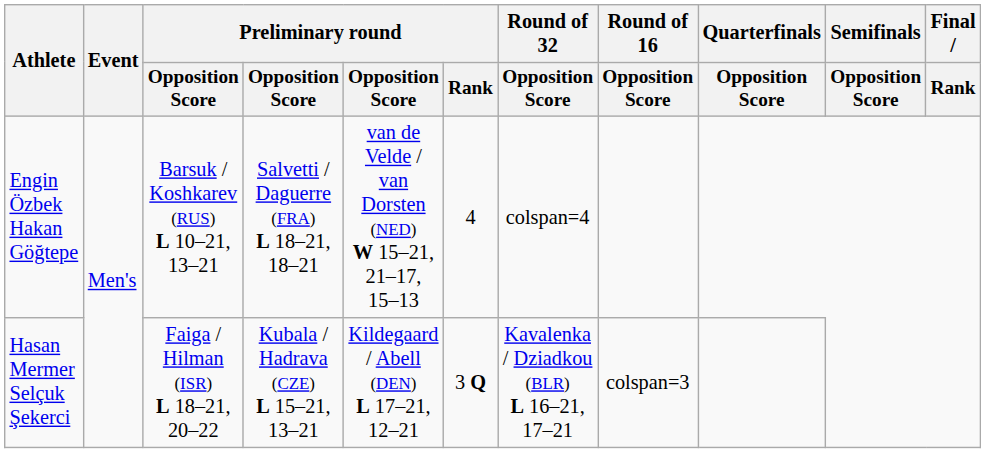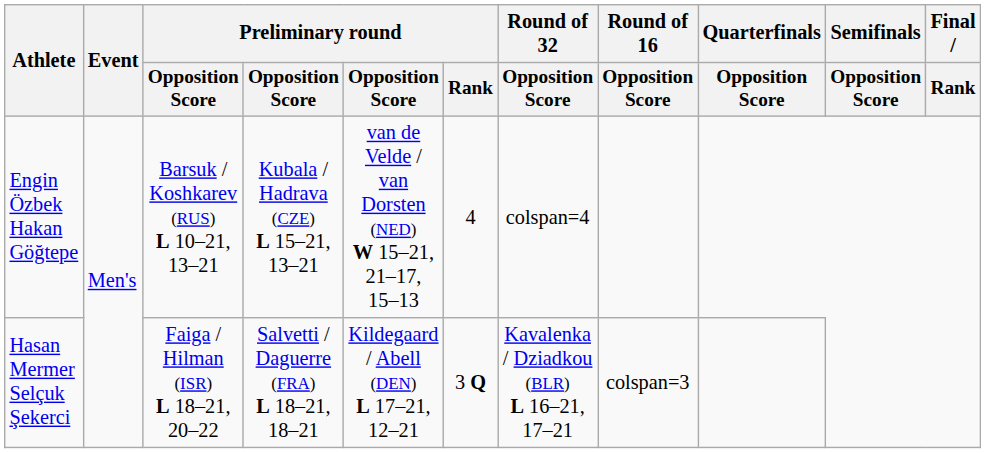 <table class=wikitable style="font-size:90%">
 <tr>
 <th rowspan="2">Athlete</th>
 <th rowspan="2">Event</th>
 <th colspan="4">Preliminary round</th>
 <th>Round of 32</th>
 <th>Round of 16</th>
 <th>Quarterfinals</th>
 <th>Semifinals</th>
 <th colspan=2>Final / </th>
 </tr>
 <tr style="font-size:95%">
 <th>Opposition<br>Score</th>
 <th>Opposition<br>Score</th>
 <th>Opposition<br>Score</th>
 <th>Rank</th>
 <th>Opposition<br>Score</th>
 <th>Opposition<br>Score</th>
 <th>Opposition<br>Score</th>
 <th>Opposition<br>Score</th>
 <th>Rank</th>
 </tr>
 <tr align=center>
 <td align=left><a href='#'>Engin Özbek</a><br><a href='#'>Hakan Göğtepe</a></td>
 <td align=left rowspan=2><a href='#'>Men's</a></td>
 <td> <a href='#'>Barsuk</a> / <a href='#'>Koshkarev</a> <small>(<a href='#'>RUS</a>)</small> <br><strong>L</strong> 10–21, 13–21</td>
-<td> <a href='#'>Salvetti</a> / <a href='#'>Daguerre</a> <small>(<a href='#'>FRA</a>)</small> <br><strong>L</strong> 18–21, 18–21</td>
+<td> <a href='#'>Kubala</a> / <a href='#'>Hadrava</a> <small>(<a href='#'>CZE</a>)</small> <br><strong>L</strong> 15–21, 13–21</td>
 <td> <a href='#'>van de Velde</a> / <a href='#'>van Dorsten</a> <small>(<a href='#'>NED</a>)</small> <br><strong>W</strong> 15–21, 21–17, 15–13</td>
 <td>4</td>
 <td>colspan=4 </td>
 <td></td>
 </tr>
 <tr align=center>
 <td align=left><a href='#'>Hasan Mermer</a><br><a href='#'>Selçuk Şekerci</a></td>
 <td> <a href='#'>Faiga</a> / <a href='#'>Hilman</a> <small>(<a href='#'>ISR</a>)</small> <br><strong>L</strong> 18–21, 20–22</td>
-<td> <a href='#'>Kubala</a> / <a href='#'>Hadrava</a> <small>(<a href='#'>CZE</a>)</small> <br><strong>L</strong> 15–21, 13–21</td>
+<td> <a href='#'>Salvetti</a> / <a href='#'>Daguerre</a> <small>(<a href='#'>FRA</a>)</small> <br><strong>L</strong> 18–21, 18–21</td>
 <td> <a href='#'>Kildegaard</a> / <a href='#'>Abell</a> <small>(<a href='#'>DEN</a>)</small> <br><strong>L</strong> 17–21, 12–21</td>
 <td>3 <strong>Q</strong></td>
 <td> <a href='#'>Kavalenka</a> / <a href='#'>Dziadkou</a> <small>(<a href='#'>BLR</a>)</small> <br><strong>L</strong> 16–21, 17–21</td>
 <td>colspan=3 </td>
 <td></td>
 </tr>
 </table>
